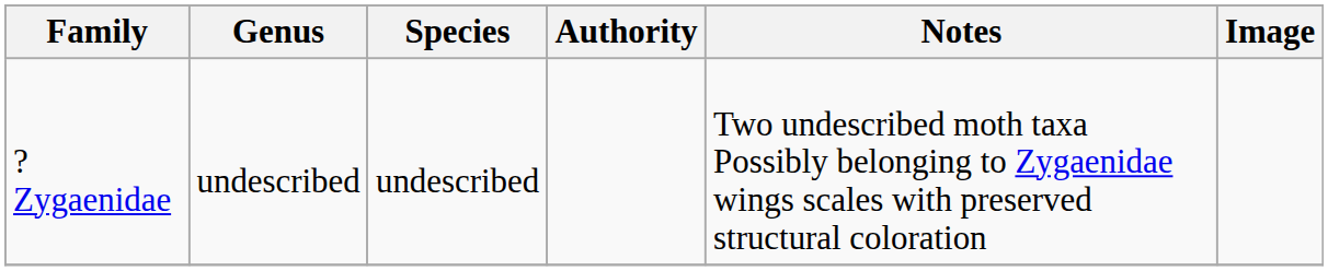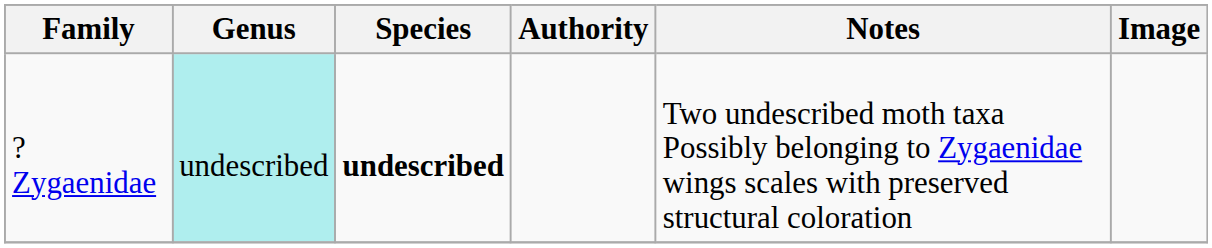 <table class="wikitable" align="center" width="100%">
 <tr>
 <th>Family</th>
 <th>Genus</th>
 <th>Species</th>
 <th>Authority</th>
 <th>Notes</th>
 <th>Image</th>
 </tr>
 <tr>
 <td><br>?<a href='#'>Zygaenidae</a></td>
-<td><br>undescribed</td>
-<td><br>undescribed</td>
+<td style="background: paleturquoise;"><br>undescribed</td>
+<td><strong><br>undescribed</strong></td>
 <td></td>
 <td><br>Two undescribed moth taxa<br> Possibly belonging to <a href='#'>Zygaenidae</a><br>wings scales with preserved structural coloration</td>
 <td><br></td>
 </tr>
 <tr>
 </tr>
 </table>
